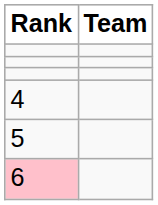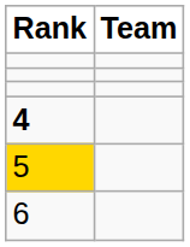 <table class="wikitable collapsible">
 <tr>
 <th style="background:white;">Rank</th>
 <th style="background:white;">Team</th>
 </tr>
 <tr>
 <td></td>
 <td></td>
 </tr>
 <tr>
 <td></td>
 <td></td>
 </tr>
 <tr>
 <td></td>
 <td></td>
 </tr>
 <tr>
-<td>4</td>
+<td><strong>4</strong></td>
 <td></td>
 </tr>
 <tr>
-<td>5</td>
+<td style="background: gold;">5</td>
 <td> <em></em></td>
 </tr>
 <tr>
-<td style="background: pink;">6</td>
+<td>6</td>
 <td> <em></em></td>
 </tr>
 </table>
